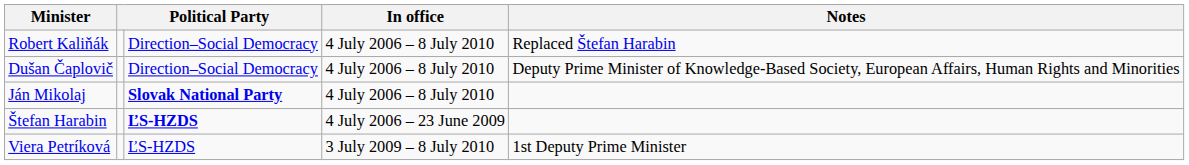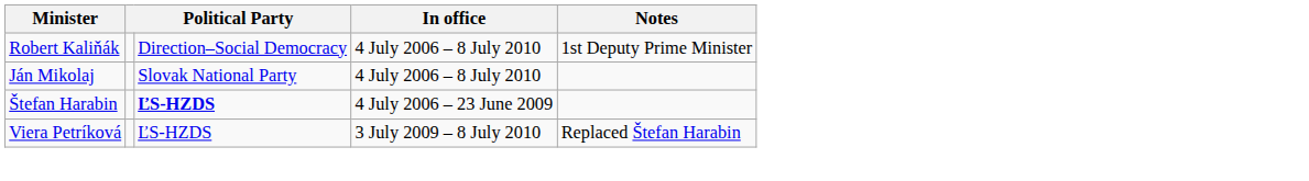 <table class="wikitable">
 <tr>
 <th>Minister</th>
 <th colspan=2>Political Party</th>
 <th>In office</th>
 <th>Notes</th>
 </tr>
 <tr>
 <td><a href='#'>Robert Kaliňák</a></td>
 <td style="background-color: "></td>
 <td><a href='#'>Direction–Social Democracy</a></td>
 <td>4 July 2006 – 8 July 2010</td>
-<td>Replaced <a href='#'>Štefan Harabin</a></td>
-</tr>
-<tr>
-<td><a href='#'>Dušan Čaplovič</a></td>
-<td style="background-color: "></td>
-<td><a href='#'>Direction–Social Democracy</a></td>
-<td>4 July 2006 – 8 July 2010</td>
-<td>Deputy Prime Minister of Knowledge-Based Society, European Affairs, Human Rights and Minorities</td>
+<td>1st Deputy Prime Minister</td>
 </tr>
 <tr>
 <td><a href='#'>Ján Mikolaj</a></td>
 <td style="background-color: "></td>
-<td><strong><a href='#'>Slovak National Party</a></strong></td>
+<td><a href='#'>Slovak National Party</a></td>
 <td>4 July 2006 – 8 July 2010</td>
 <td></td>
 </tr>
 <tr>
 <td><a href='#'>Štefan Harabin</a></td>
 <td style="background-color: "></td>
 <td><strong><a href='#'>ĽS-HZDS</a></strong></td>
 <td>4 July 2006 – 23 June 2009</td>
 <td></td>
 </tr>
 <tr>
 <td><a href='#'>Viera Petríková</a></td>
 <td style="background-color: "></td>
 <td><a href='#'>ĽS-HZDS</a></td>
 <td>3 July 2009 – 8 July 2010</td>
-<td>1st Deputy Prime Minister</td>
+<td>Replaced <a href='#'>Štefan Harabin</a></td>
 </tr>
 </table>
